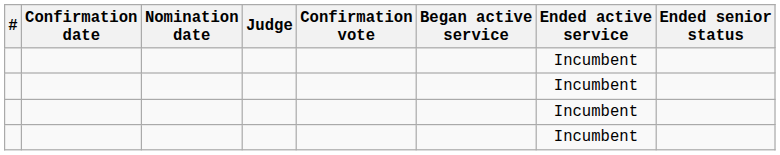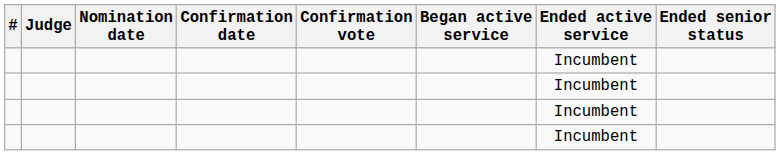 <table class="sortable wikitable">
 <tr bgcolor="#ececec">
 <th>#</th>
+<th>Judge</th>
+<th>Nomination<br>date</th>
 <th>Confirmation<br>date</th>
-<th>Nomination<br>date</th>
-<th>Judge</th>
 <th>Confirmation<br>vote</th>
 <th>Began active<br>service</th>
 <th>Ended active<br>service</th>
 <th>Ended senior<br>status</th>
 </tr>
 <tr>
 <td></td>
 <td></td>
 <td></td>
 <td></td>
 <td align="center"></td>
 <td></td>
 <td align="center">Incumbent</td>
 <td align="center"></td>
 </tr>
 <tr>
 <td></td>
 <td></td>
 <td></td>
 <td></td>
 <td align="center"></td>
 <td></td>
 <td align="center">Incumbent</td>
 <td align="center"></td>
 </tr>
 <tr>
 <td></td>
 <td></td>
 <td></td>
 <td></td>
 <td align="center"></td>
 <td></td>
 <td align="center">Incumbent</td>
 <td align="center"></td>
 </tr>
 <tr>
 <td></td>
 <td></td>
 <td></td>
 <td></td>
 <td align="center"></td>
 <td></td>
 <td align="center">Incumbent</td>
 <td align="center"></td>
 </tr>
 </table>
